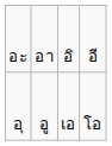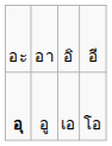 <table class=wikitable>
 <tr align=center>
 <td><br> <br>อะ</td>
 <td><br> <br>อา</td>
 <td><br> <br>อิ</td>
 <td><br> <br>อี</td>
 </tr>
 <tr align=center>
-<td><br><br>อุ</td>
+<td><strong><br><br>อุ</strong></td>
 <td><br><br>อู</td>
 <td><br><br>เอ</td>
 <td><br><br>โอ</td>
 </tr>
 </table>
